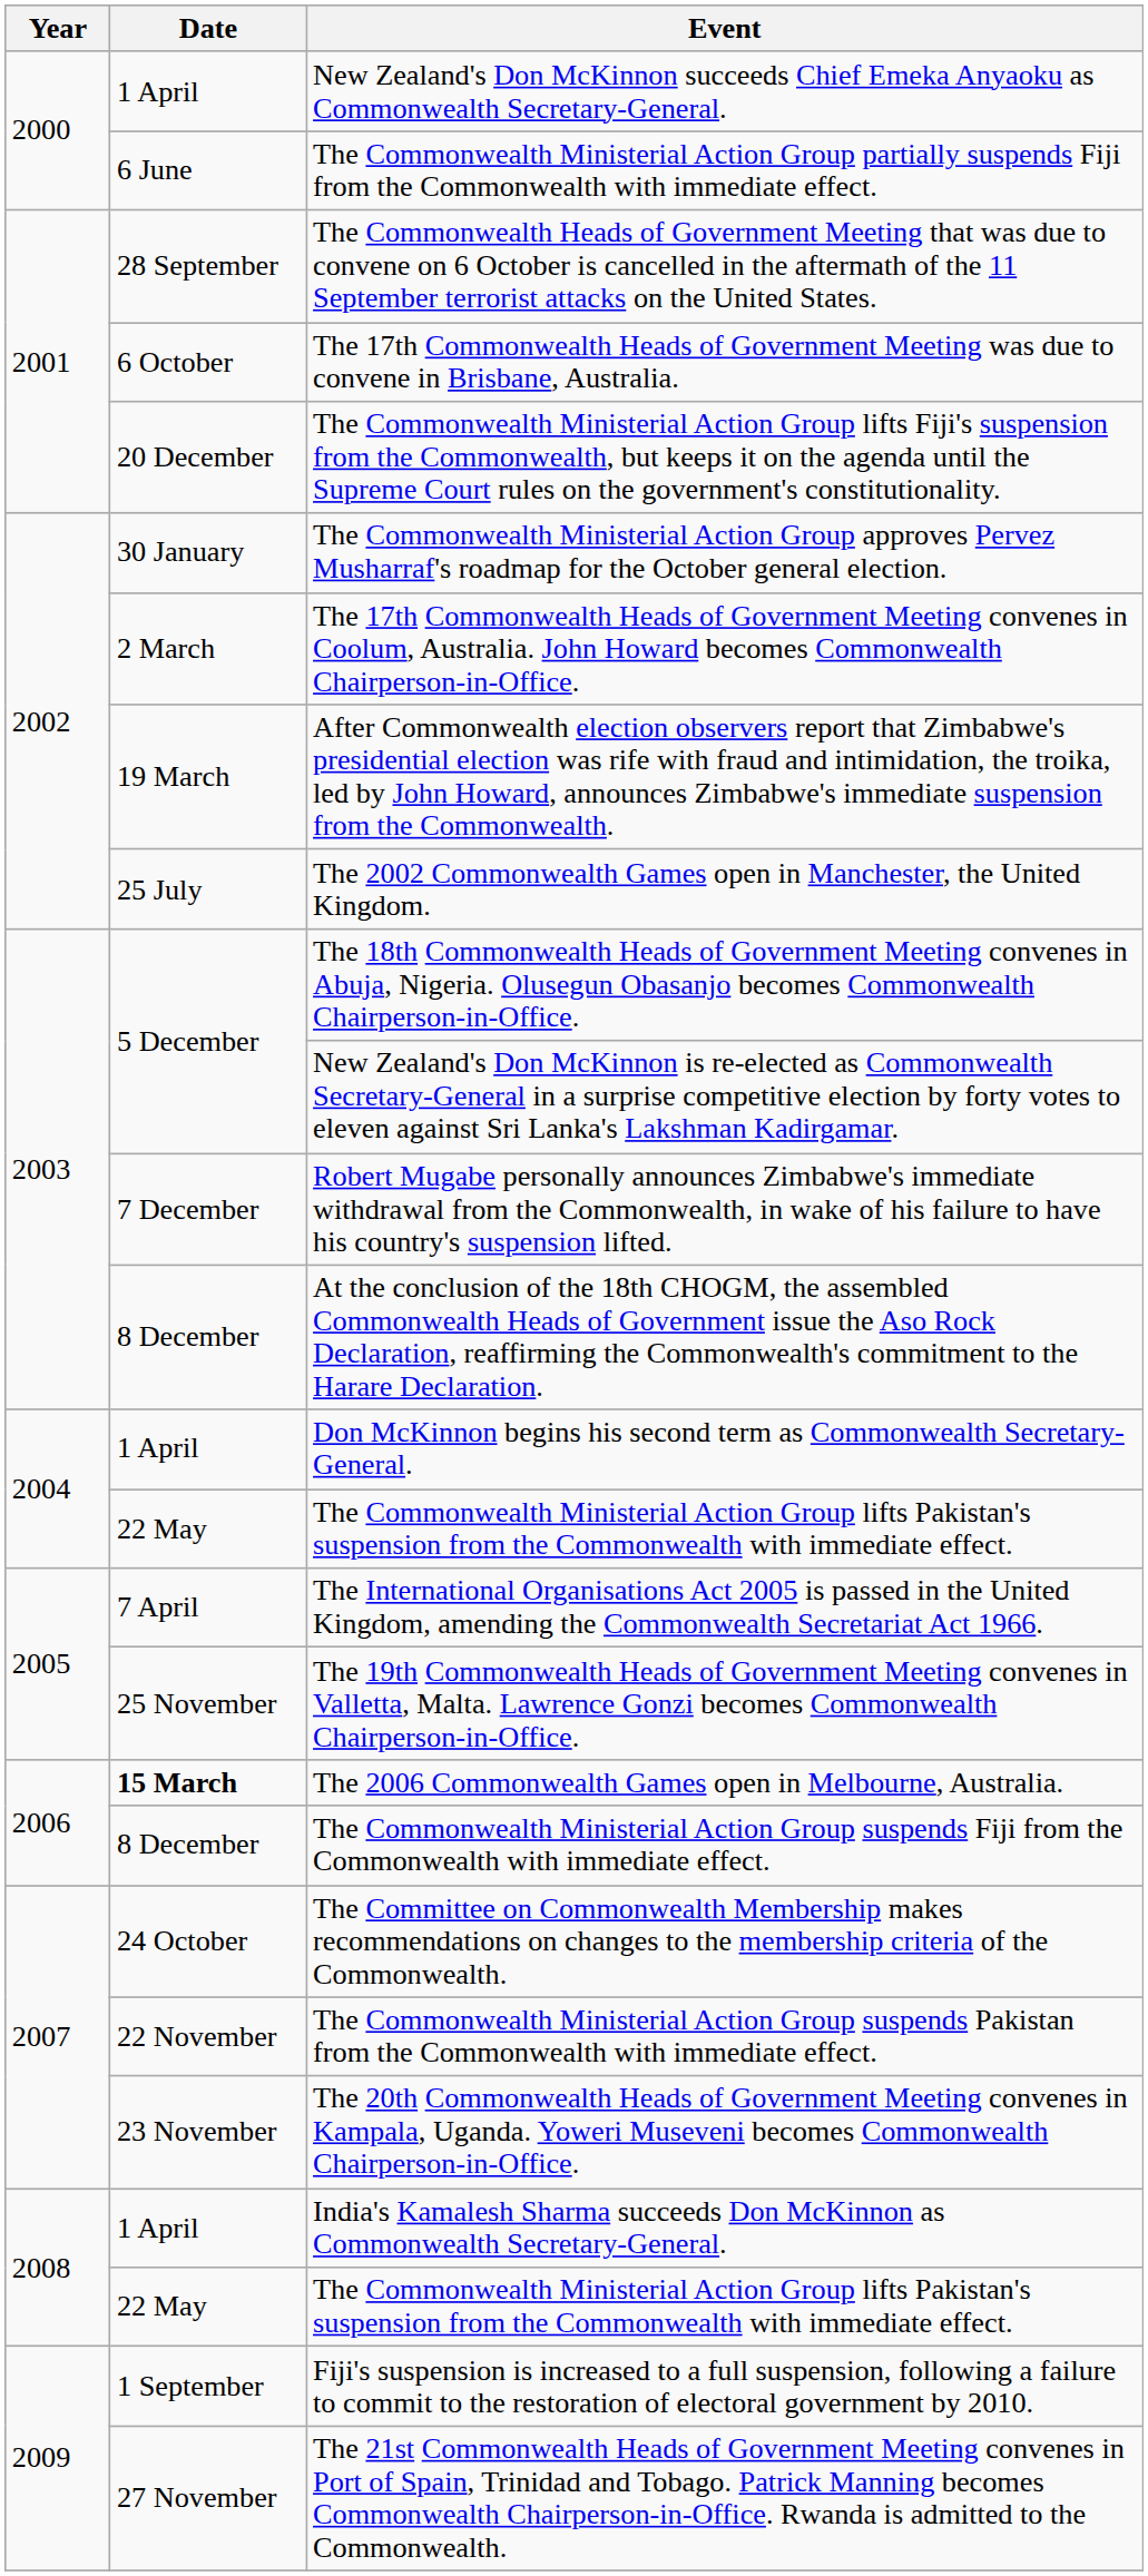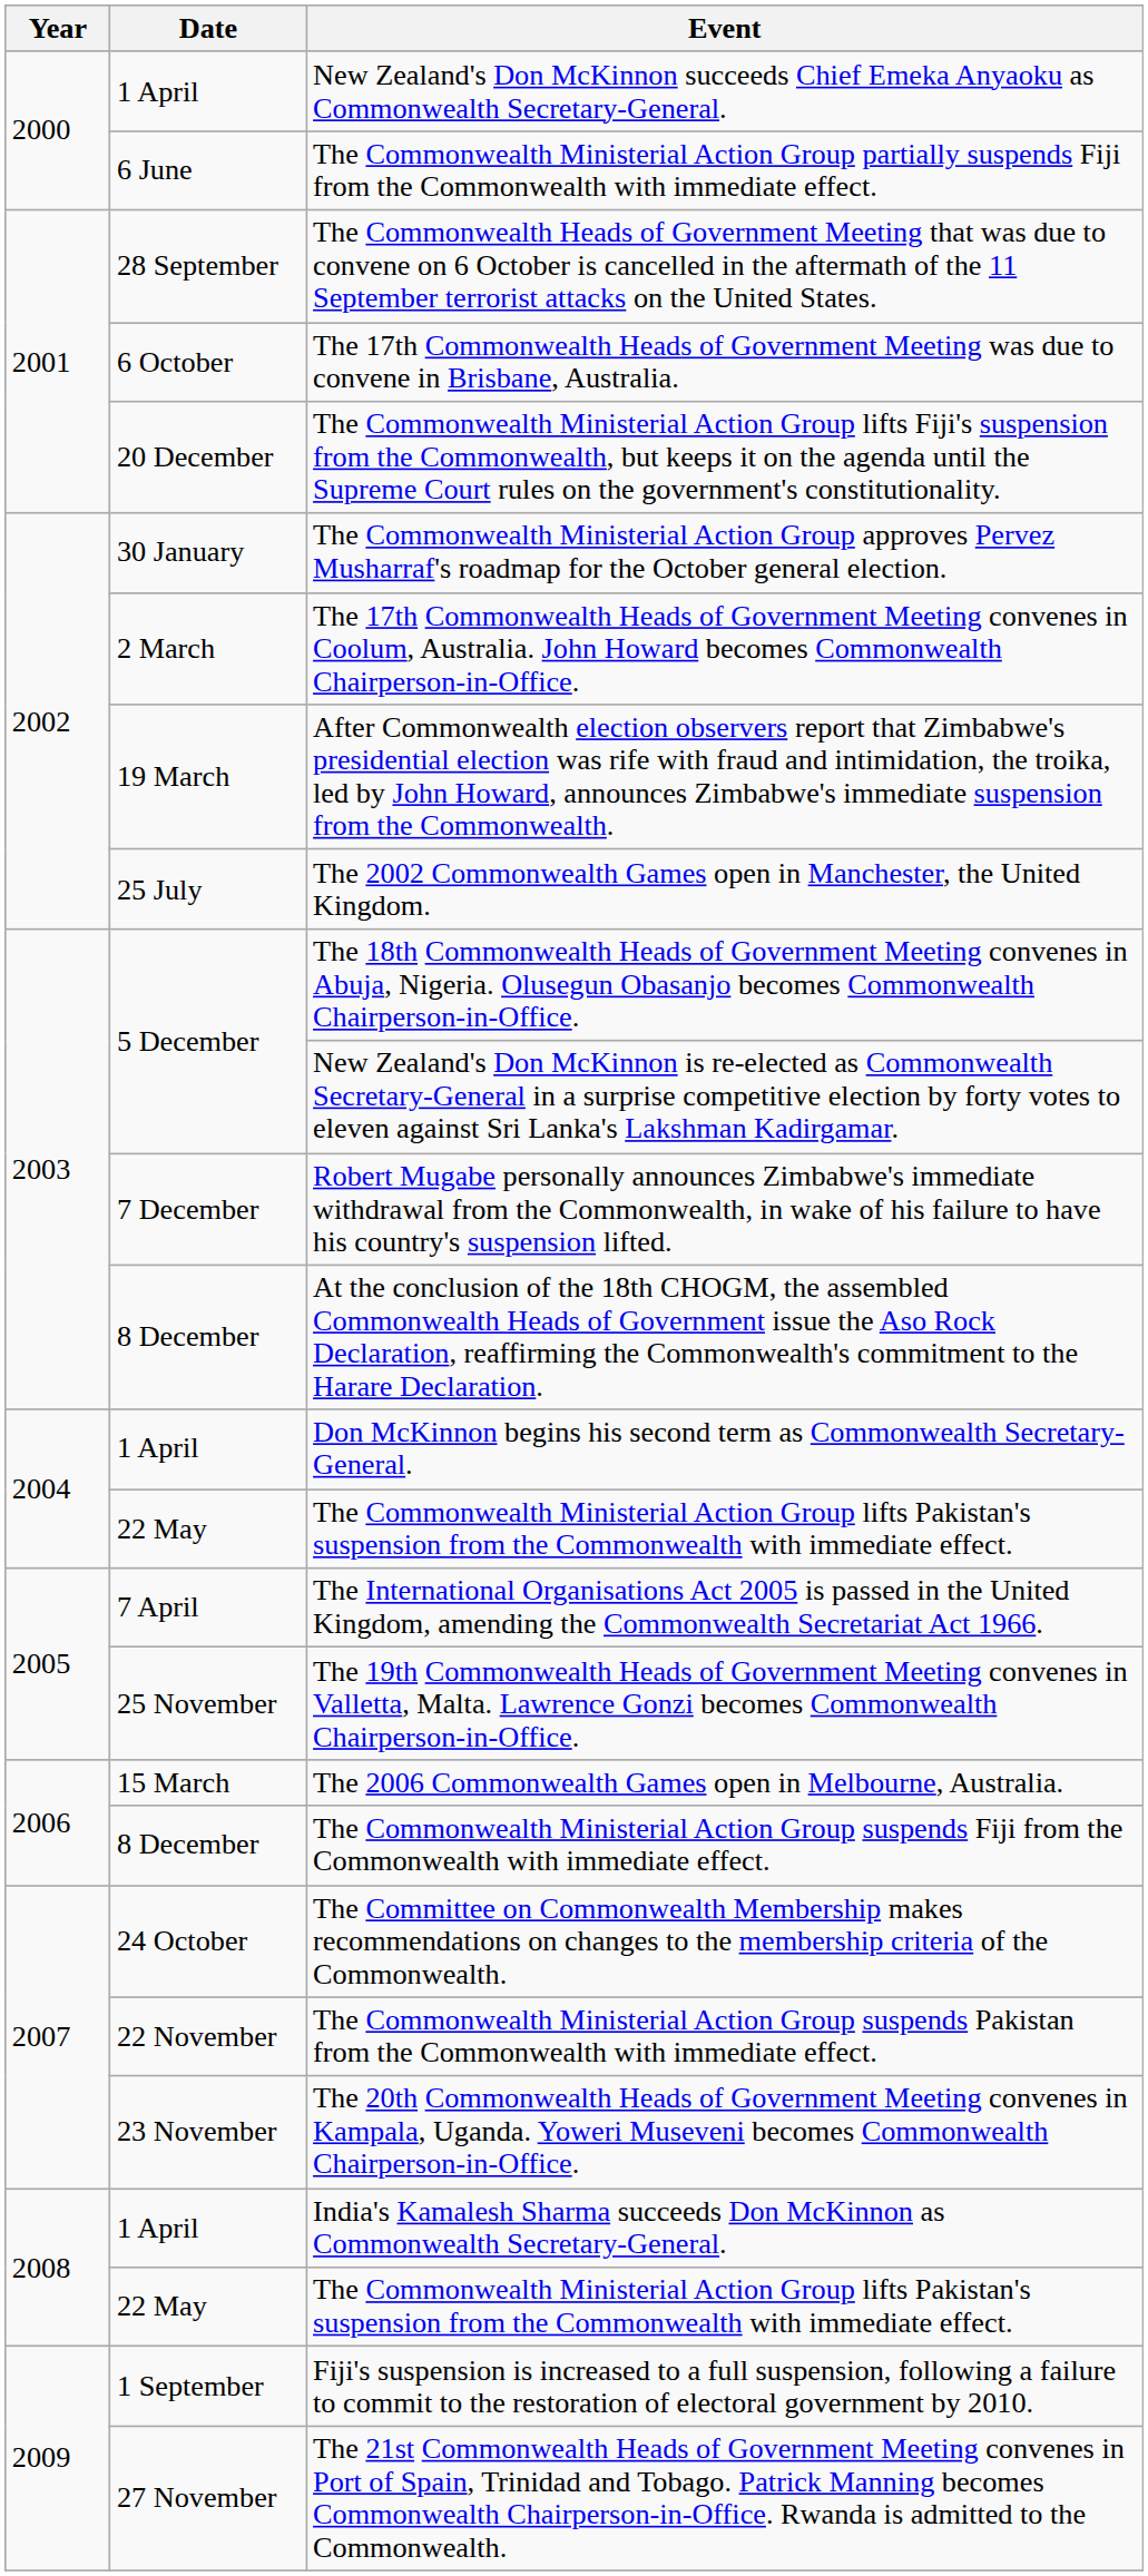 <table class="wikitable" width="100%">
 <tr>
 <th width=50px>Year</th>
 <th width=100px>Date</th>
 <th>Event</th>
 </tr>
 <tr>
 <td rowspan=2>2000</td>
 <td>1 April</td>
 <td>New Zealand's <a href='#'>Don McKinnon</a> succeeds <a href='#'>Chief Emeka Anyaoku</a> as <a href='#'>Commonwealth Secretary-General</a>.</td>
 </tr>
 <tr>
 <td>6 June</td>
 <td>The <a href='#'>Commonwealth Ministerial Action Group</a> <a href='#'>partially suspends</a> Fiji from the Commonwealth with immediate effect.</td>
 </tr>
 <tr>
 <td rowspan=3>2001</td>
 <td>28 September</td>
 <td>The <a href='#'>Commonwealth Heads of Government Meeting</a> that was due to convene on 6 October is cancelled in the aftermath of the <a href='#'>11 September terrorist attacks</a> on the United States.</td>
 </tr>
 <tr>
 <td>6 October</td>
 <td>The 17th <a href='#'>Commonwealth Heads of Government Meeting</a> was due to convene in <a href='#'>Brisbane</a>, Australia.</td>
 </tr>
 <tr>
 <td>20 December</td>
 <td>The <a href='#'>Commonwealth Ministerial Action Group</a> lifts Fiji's <a href='#'>suspension from the Commonwealth</a>, but keeps it on the agenda until the <a href='#'>Supreme Court</a> rules on the government's constitutionality.</td>
 </tr>
 <tr>
 <td rowspan=4>2002</td>
 <td>30 January</td>
 <td>The <a href='#'>Commonwealth Ministerial Action Group</a> approves <a href='#'>Pervez Musharraf</a>'s roadmap for the October general election.</td>
 </tr>
 <tr>
 <td>2 March</td>
 <td>The <a href='#'>17th</a> <a href='#'>Commonwealth Heads of Government Meeting</a> convenes in <a href='#'>Coolum</a>, Australia. <a href='#'>John Howard</a> becomes <a href='#'>Commonwealth Chairperson-in-Office</a>.</td>
 </tr>
 <tr>
 <td>19 March</td>
 <td>After Commonwealth <a href='#'>election observers</a> report that Zimbabwe's <a href='#'>presidential election</a> was rife with fraud and intimidation, the troika, led by <a href='#'>John Howard</a>, announces Zimbabwe's immediate <a href='#'>suspension from the Commonwealth</a>.</td>
 </tr>
 <tr>
 <td>25 July</td>
 <td>The <a href='#'>2002 Commonwealth Games</a> open in <a href='#'>Manchester</a>, the United Kingdom.</td>
 </tr>
 <tr>
 <td rowspan=4>2003</td>
 <td rowspan=2>5 December</td>
 <td>The <a href='#'>18th</a> <a href='#'>Commonwealth Heads of Government Meeting</a> convenes in <a href='#'>Abuja</a>, Nigeria. <a href='#'>Olusegun Obasanjo</a> becomes <a href='#'>Commonwealth Chairperson-in-Office</a>.</td>
 </tr>
 <tr>
 <td>New Zealand's <a href='#'>Don McKinnon</a> is re-elected as <a href='#'>Commonwealth Secretary-General</a> in a surprise competitive election by forty votes to eleven against Sri Lanka's <a href='#'>Lakshman Kadirgamar</a>.</td>
 </tr>
 <tr>
 <td>7 December</td>
 <td><a href='#'>Robert Mugabe</a> personally announces Zimbabwe's immediate withdrawal from the Commonwealth, in wake of his failure to have his country's <a href='#'>suspension</a> lifted.</td>
 </tr>
 <tr>
 <td>8 December</td>
 <td>At the conclusion of the 18th CHOGM, the assembled <a href='#'>Commonwealth Heads of Government</a> issue the <a href='#'>Aso Rock Declaration</a>, reaffirming the Commonwealth's commitment to the <a href='#'>Harare Declaration</a>.</td>
 </tr>
 <tr>
 <td rowspan=2>2004</td>
 <td>1 April</td>
 <td><a href='#'>Don McKinnon</a> begins his second term as <a href='#'>Commonwealth Secretary-General</a>.</td>
 </tr>
 <tr>
 <td>22 May</td>
 <td>The <a href='#'>Commonwealth Ministerial Action Group</a> lifts Pakistan's <a href='#'>suspension from the Commonwealth</a> with immediate effect.</td>
 </tr>
 <tr>
 <td rowspan=2>2005</td>
 <td>7 April</td>
 <td>The <a href='#'>International Organisations Act 2005</a> is passed in the United Kingdom, amending the <a href='#'>Commonwealth Secretariat Act 1966</a>.</td>
 </tr>
 <tr>
 <td>25 November</td>
 <td>The <a href='#'>19th</a> <a href='#'>Commonwealth Heads of Government Meeting</a> convenes in <a href='#'>Valletta</a>, Malta. <a href='#'>Lawrence Gonzi</a> becomes <a href='#'>Commonwealth Chairperson-in-Office</a>.</td>
 </tr>
 <tr>
 <td rowspan=2>2006</td>
-<td><strong>15 March</strong></td>
+<td>15 March</td>
 <td>The <a href='#'>2006 Commonwealth Games</a> open in <a href='#'>Melbourne</a>, Australia.</td>
 </tr>
 <tr>
 <td>8 December</td>
 <td>The <a href='#'>Commonwealth Ministerial Action Group</a> <a href='#'>suspends</a> Fiji from the Commonwealth with immediate effect.</td>
 </tr>
 <tr>
 <td rowspan=3>2007</td>
 <td>24 October</td>
 <td>The <a href='#'>Committee on Commonwealth Membership</a> makes recommendations on changes to the <a href='#'>membership criteria</a> of the Commonwealth.</td>
 </tr>
 <tr>
 <td>22 November</td>
 <td>The <a href='#'>Commonwealth Ministerial Action Group</a> <a href='#'>suspends</a> Pakistan from the Commonwealth with immediate effect.</td>
 </tr>
 <tr>
 <td>23 November</td>
 <td>The <a href='#'>20th</a> <a href='#'>Commonwealth Heads of Government Meeting</a> convenes in <a href='#'>Kampala</a>, Uganda. <a href='#'>Yoweri Museveni</a> becomes <a href='#'>Commonwealth Chairperson-in-Office</a>.</td>
 </tr>
 <tr>
 <td rowspan=2>2008</td>
 <td>1 April</td>
 <td>India's <a href='#'>Kamalesh Sharma</a> succeeds <a href='#'>Don McKinnon</a> as <a href='#'>Commonwealth Secretary-General</a>.</td>
 </tr>
 <tr>
 <td>22 May</td>
 <td>The <a href='#'>Commonwealth Ministerial Action Group</a> lifts Pakistan's <a href='#'>suspension from the Commonwealth</a> with immediate effect.</td>
 </tr>
 <tr>
 <td rowspan=2>2009</td>
 <td>1 September</td>
 <td>Fiji's suspension is increased to a full suspension, following a failure to commit to the restoration of electoral government by 2010.</td>
 </tr>
 <tr>
 <td>27 November</td>
 <td>The <a href='#'>21st</a> <a href='#'>Commonwealth Heads of Government Meeting</a> convenes in <a href='#'>Port of Spain</a>, Trinidad and Tobago. <a href='#'>Patrick Manning</a> becomes <a href='#'>Commonwealth Chairperson-in-Office</a>. Rwanda is admitted to the Commonwealth.</td>
 </tr>
 </table>
